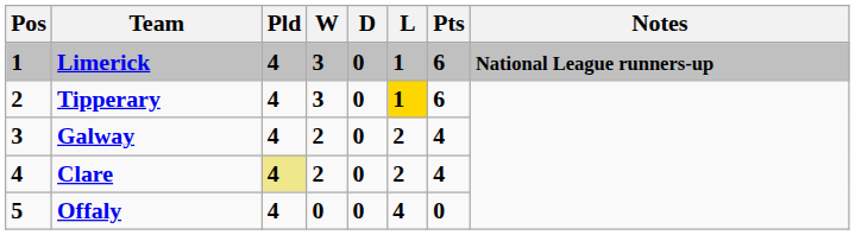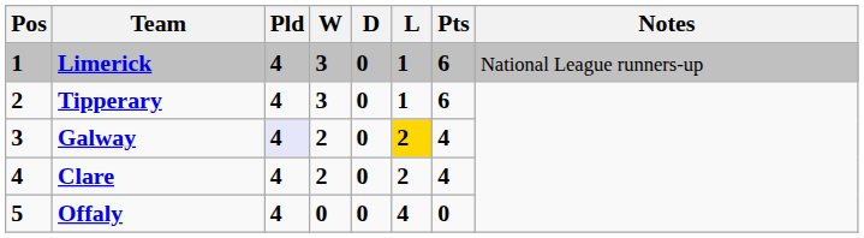 <table class="wikitable" style="text-align: centre;">
 <tr>
 <th width=20>Pos</th>
 <th width=135>Team</th>
 <th width=20>Pld</th>
 <th width=20>W</th>
 <th width=20>D</th>
 <th width=20>L</th>
 <th width=20>Pts</th>
 <th width=250>Notes</th>
 </tr>
 <tr style="background:silver;">
 <td><strong>1</strong></td>
 <td align=left><strong> <a href='#'>Limerick</a> </strong></td>
 <td><strong>4</strong></td>
 <td><strong>3</strong></td>
 <td><strong>0</strong></td>
 <td><strong>1</strong></td>
 <td><strong>6</strong></td>
-<td><strong><small> National League runners-up</small></strong></td>
+<td><small> National League runners-up</small></td>
 </tr>
 <tr style>
 <td><strong>2</strong></td>
 <td align=left><strong> <a href='#'>Tipperary</a> </strong></td>
 <td><strong>4</strong></td>
 <td><strong>3</strong></td>
 <td><strong>0</strong></td>
-<td style="background: gold;"><strong>1</strong></td>
+<td><strong>1</strong></td>
 <td><strong>6</strong></td>
 </tr>
 <tr style>
 <td><strong>3</strong></td>
 <td align=left><strong> <a href='#'>Galway</a> </strong></td>
-<td><strong>4</strong></td>
+<td style="background: lavender;"><strong>4</strong></td>
 <td><strong>2</strong></td>
 <td><strong>0</strong></td>
-<td><strong>2</strong></td>
+<td style="background: gold;"><strong>2</strong></td>
 <td><strong>4</strong></td>
 </tr>
 <tr style>
 <td><strong>4</strong></td>
 <td align=left><strong> <a href='#'>Clare</a> </strong></td>
-<td style="background: khaki;"><strong>4</strong></td>
+<td><strong>4</strong></td>
 <td><strong>2</strong></td>
 <td><strong>0</strong></td>
 <td><strong>2</strong></td>
 <td><strong>4</strong></td>
 </tr>
 <tr style>
 <td><strong>5</strong></td>
 <td align=left><strong> <a href='#'>Offaly</a> </strong></td>
 <td><strong>4</strong></td>
 <td><strong>0</strong></td>
 <td><strong>0</strong></td>
 <td><strong>4</strong></td>
 <td><strong>0</strong></td>
 </tr>
 </table>
